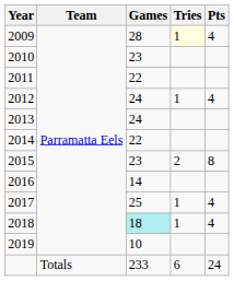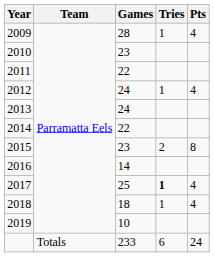 <table class="wikitable">
 <tr>
 <th>Year</th>
 <th>Team</th>
 <th>Games</th>
 <th>Tries</th>
 <th>Pts</th>
 </tr>
 <tr>
 <td>2009</td>
 <td rowspan="11"> <a href='#'>Parramatta Eels</a></td>
 <td>28</td>
-<td style="background: lightyellow;">1</td>
+<td>1</td>
 <td>4</td>
 </tr>
 <tr>
 <td>2010</td>
 <td>23</td>
 <td></td>
 <td></td>
 </tr>
 <tr>
 <td>2011</td>
 <td>22</td>
 <td></td>
 <td></td>
 </tr>
 <tr>
 <td>2012</td>
 <td>24</td>
 <td>1</td>
 <td>4</td>
 </tr>
 <tr>
 <td>2013</td>
 <td>24</td>
 <td></td>
 <td></td>
 </tr>
 <tr>
 <td>2014</td>
 <td>22</td>
 <td></td>
 <td></td>
 </tr>
 <tr>
 <td>2015</td>
 <td>23</td>
 <td>2</td>
 <td>8</td>
 </tr>
 <tr>
 <td>2016</td>
 <td>14</td>
 <td></td>
 <td></td>
 </tr>
 <tr>
 <td>2017</td>
 <td>25</td>
-<td>1</td>
+<td><strong>1</strong></td>
 <td>4</td>
 </tr>
 <tr>
 <td>2018</td>
-<td style="background: paleturquoise;">18</td>
+<td>18</td>
 <td>1</td>
 <td>4</td>
 </tr>
 <tr>
 <td>2019</td>
 <td>10</td>
 <td></td>
 <td></td>
 </tr>
 <tr>
 <td></td>
 <td>Totals</td>
 <td>233</td>
 <td>6</td>
 <td>24</td>
 </tr>
 </table>
